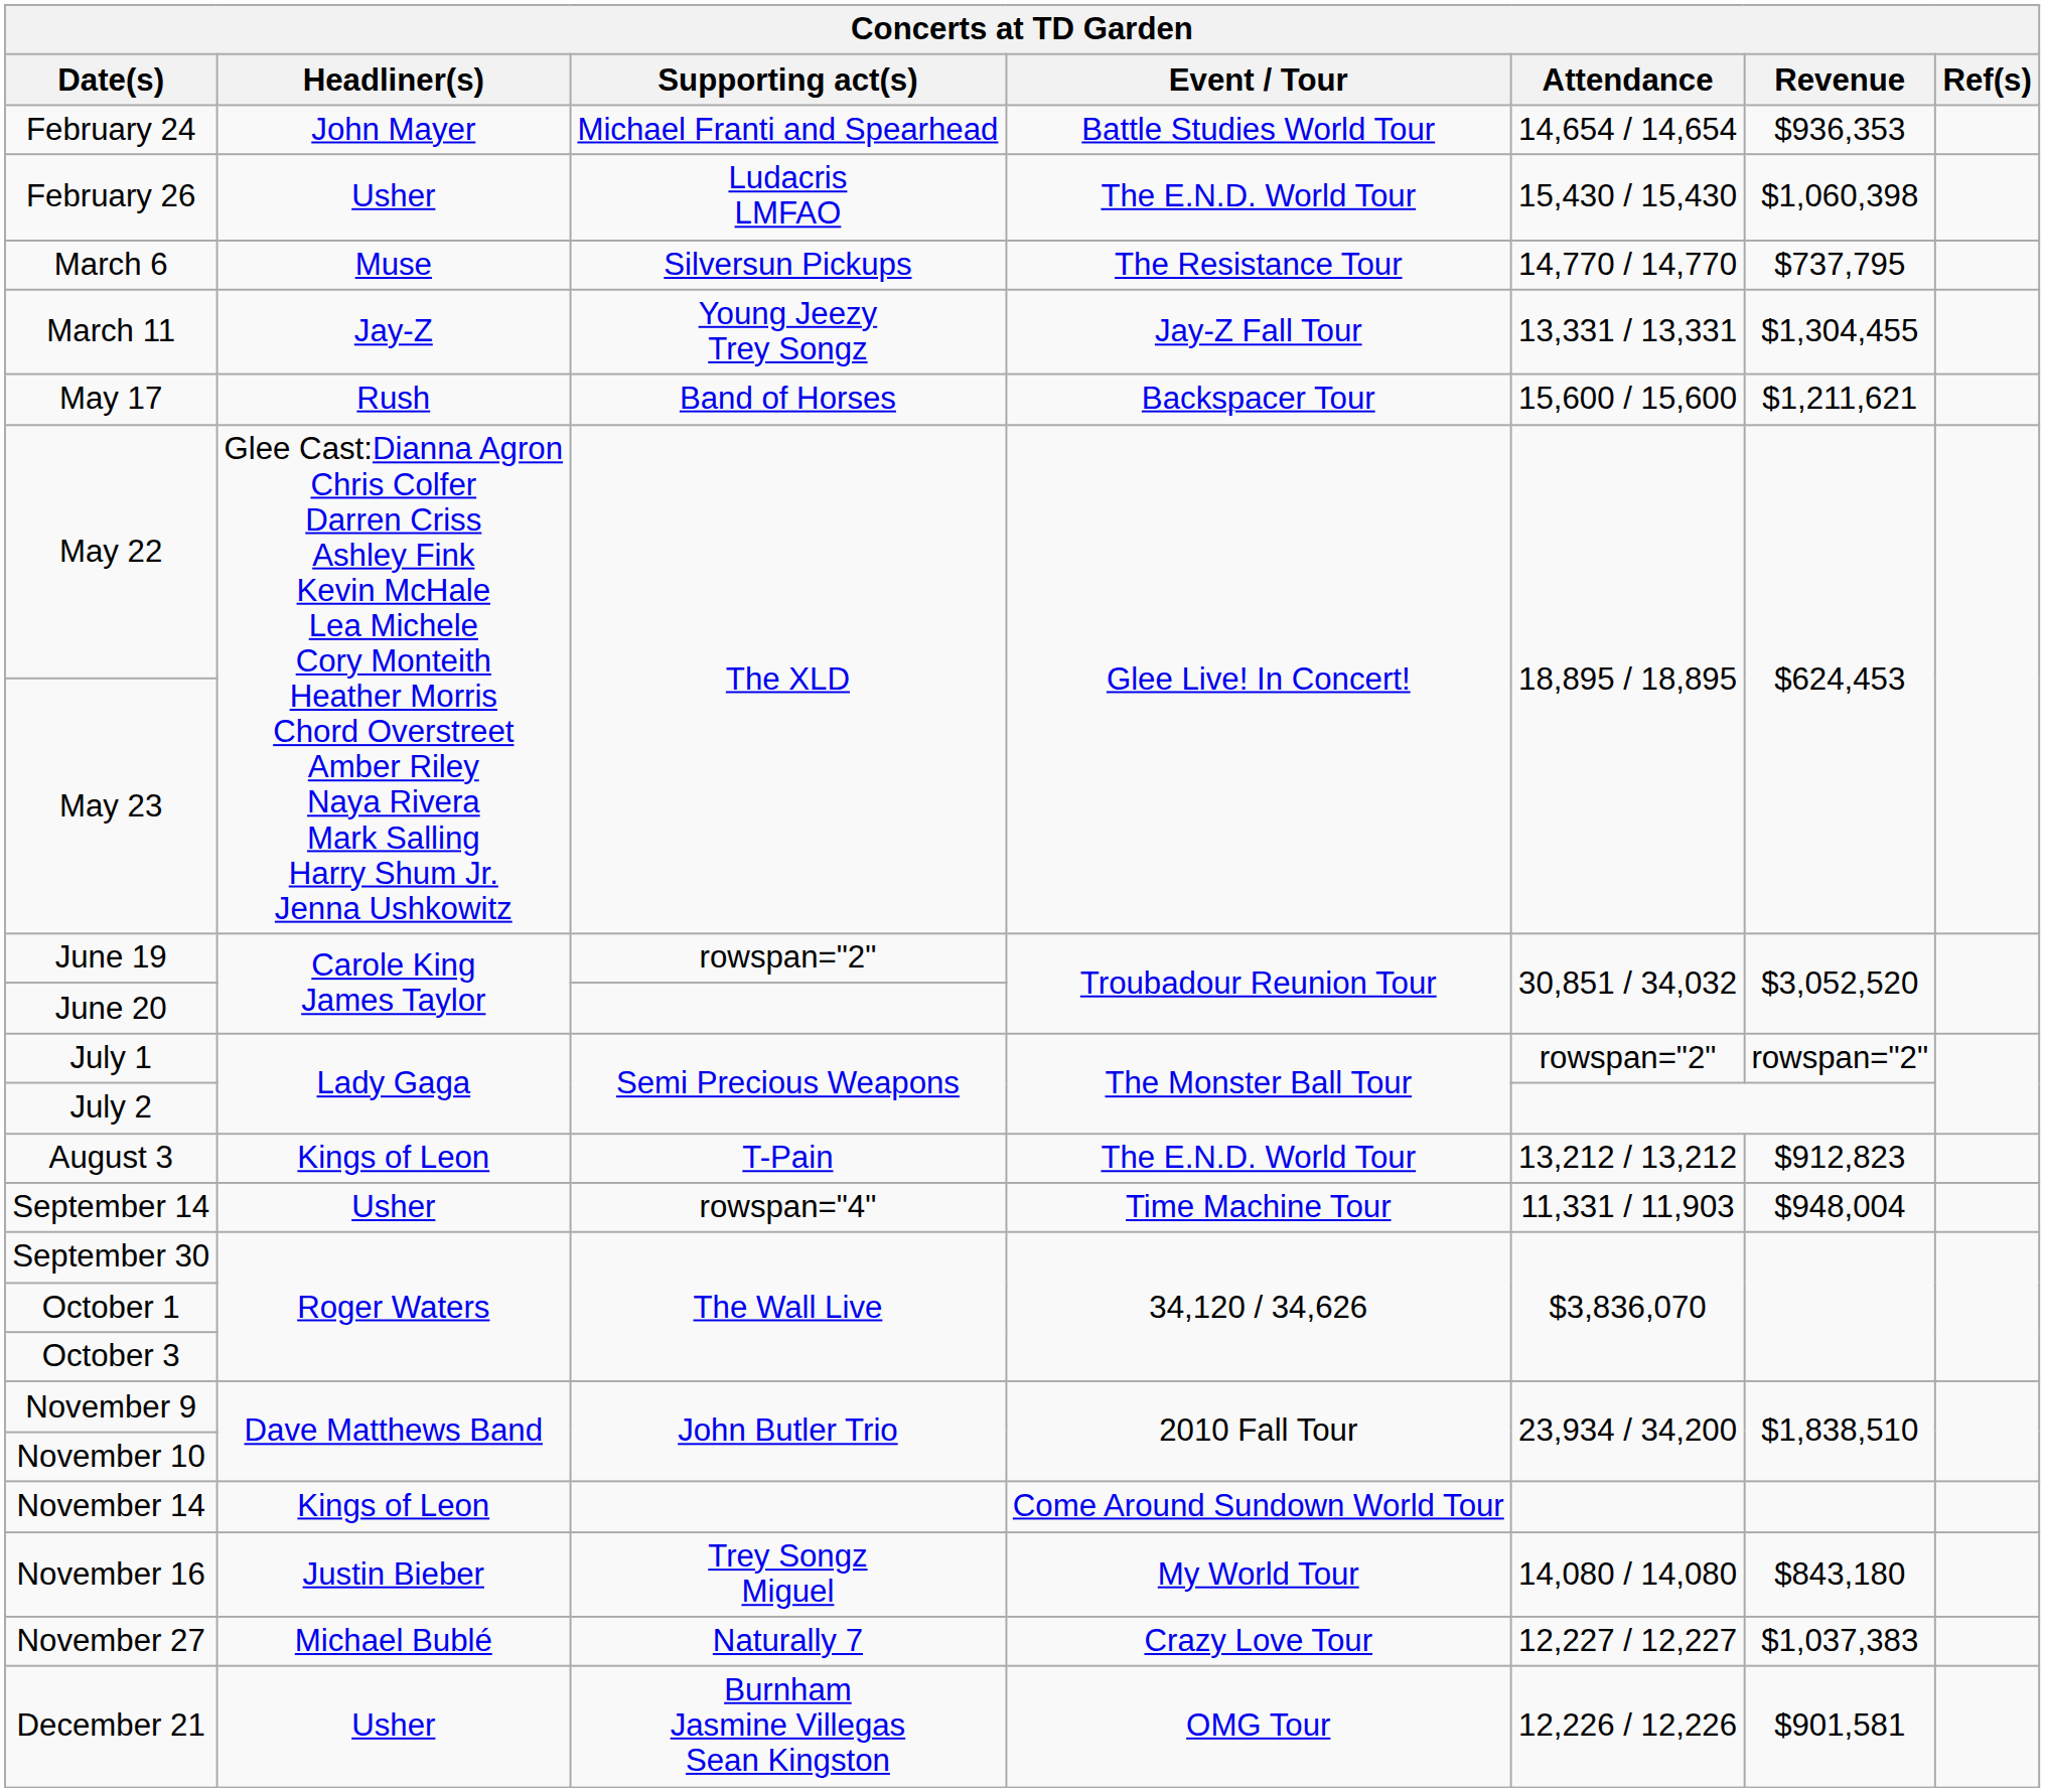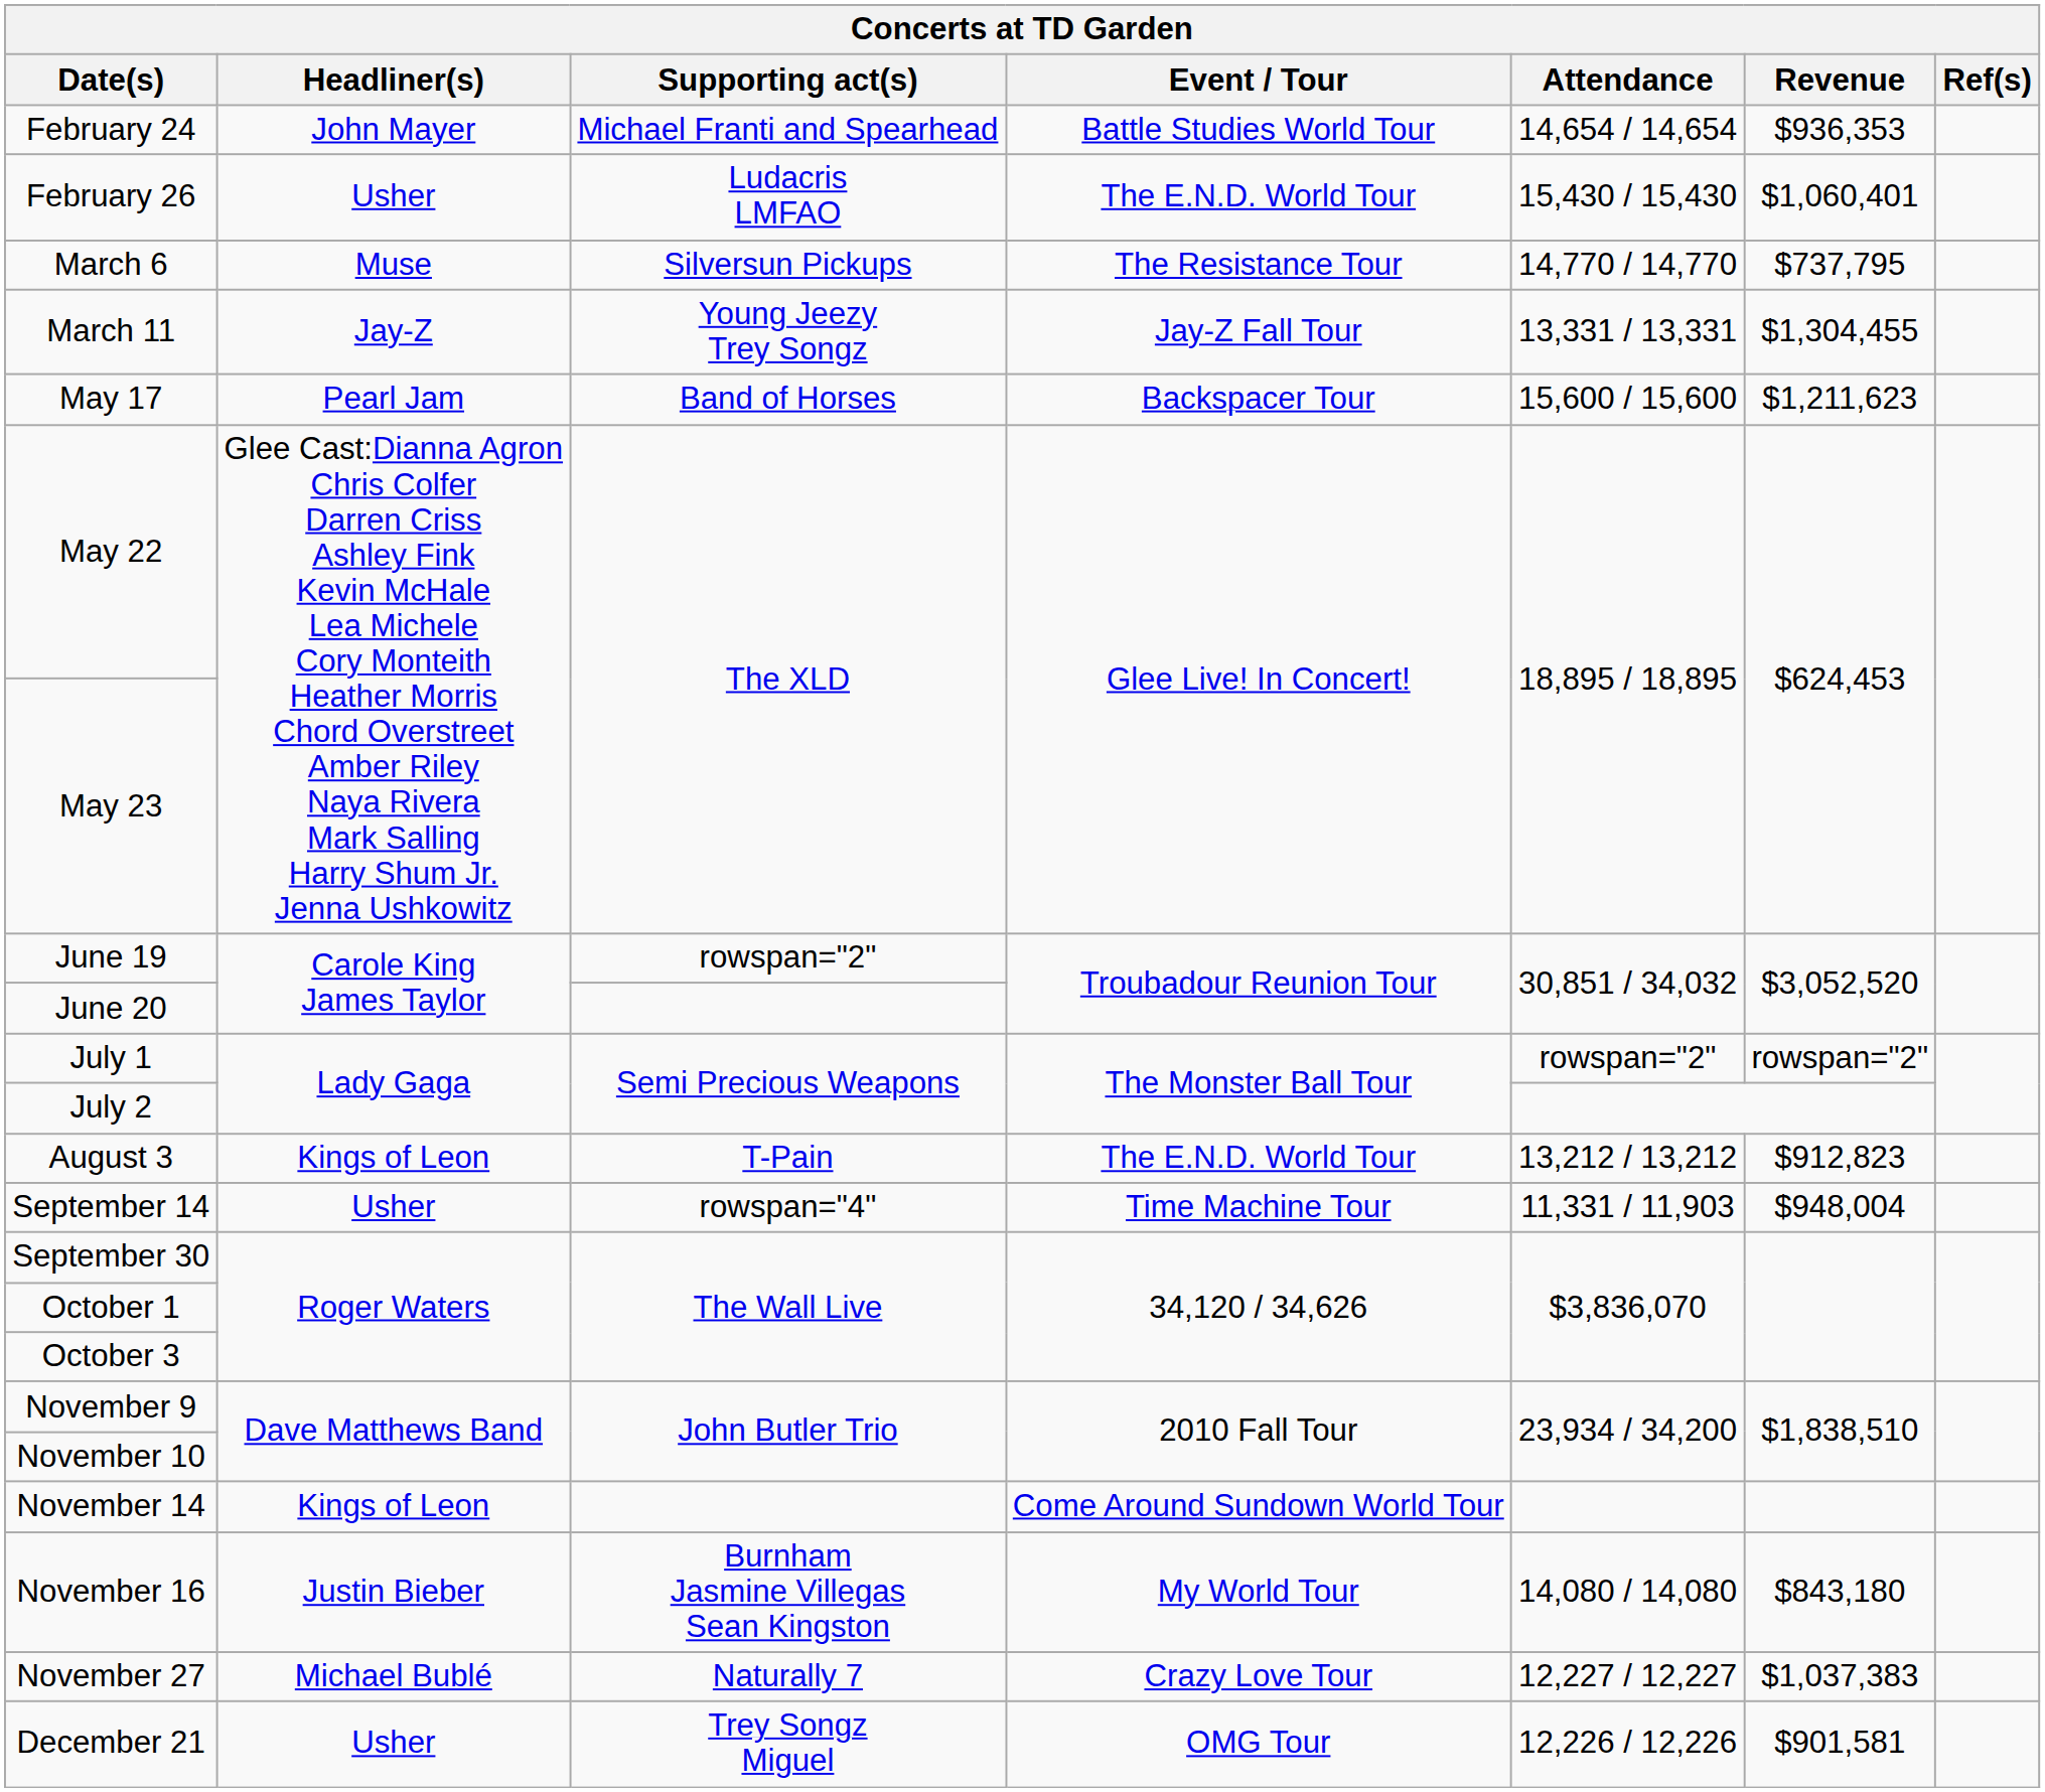 <table class="wikitable mw-collapsible mw-collapsed" style="text-align:center;">
 <tr>
 <th colspan="7">Concerts at TD Garden</th>
 </tr>
 <tr>
 <th>Date(s)</th>
 <th>Headliner(s)</th>
 <th>Supporting act(s)</th>
 <th>Event / Tour</th>
 <th>Attendance</th>
 <th>Revenue</th>
 <th>Ref(s)</th>
 </tr>
 <tr>
 <td>February 24</td>
 <td><a href='#'>John Mayer</a></td>
 <td><a href='#'>Michael Franti and Spearhead</a></td>
 <td><a href='#'>Battle Studies World Tour</a></td>
 <td>14,654 / 14,654</td>
 <td>$936,353</td>
 <td></td>
 </tr>
 <tr>
 <td>February 26</td>
 <td><a href='#'>Usher</a></td>
 <td><a href='#'>Ludacris</a><br><a href='#'>LMFAO</a></td>
 <td><a href='#'>The E.N.D. World Tour</a></td>
 <td>15,430 / 15,430</td>
-<td>$1,060,398</td>
+<td>$1,060,401</td>
 <td></td>
 </tr>
 <tr>
 <td>March 6</td>
 <td><a href='#'>Muse</a></td>
 <td><a href='#'>Silversun Pickups</a></td>
 <td><a href='#'>The Resistance Tour</a></td>
 <td>14,770 / 14,770</td>
 <td>$737,795</td>
 <td></td>
 </tr>
 <tr>
 <td>March 11</td>
 <td><a href='#'>Jay-Z</a></td>
 <td><a href='#'>Young Jeezy</a><br><a href='#'>Trey Songz</a></td>
 <td><a href='#'>Jay-Z Fall Tour</a></td>
 <td>13,331 / 13,331</td>
 <td>$1,304,455</td>
 <td></td>
 </tr>
 <tr>
 <td>May 17</td>
-<td><a href='#'>Rush</a></td>
+<td><a href='#'>Pearl Jam</a></td>
 <td><a href='#'>Band of Horses</a></td>
 <td><a href='#'>Backspacer Tour</a></td>
 <td>15,600 / 15,600</td>
-<td>$1,211,621</td>
+<td>$1,211,623</td>
 <td></td>
 </tr>
 <tr>
 <td>May 22</td>
 <td rowspan="2">Glee Cast:<a href='#'>Dianna Agron</a><br><a href='#'>Chris Colfer</a><br> <a href='#'>Darren Criss</a><br><a href='#'>Ashley Fink</a><br><a href='#'>Kevin McHale</a><br><a href='#'>Lea Michele</a><br><a href='#'>Cory Monteith</a><br><a href='#'>Heather Morris</a><br><a href='#'>Chord Overstreet</a><br><a href='#'>Amber Riley</a><br><a href='#'>Naya Rivera</a><br><a href='#'>Mark Salling</a><br><a href='#'>Harry Shum Jr.</a><br><a href='#'>Jenna Ushkowitz</a></td>
 <td rowspan="2"><a href='#'>The XLD</a></td>
 <td rowspan="2"><a href='#'>Glee Live! In Concert!</a></td>
 <td rowspan="2">18,895 / 18,895</td>
 <td rowspan="2">$624,453</td>
 <td rowspan="2"></td>
 </tr>
 <tr>
 <td>May 23</td>
 </tr>
 <tr>
 <td>June 19</td>
 <td rowspan="2"><a href='#'>Carole King</a><br><a href='#'>James Taylor</a></td>
 <td>rowspan="2" </td>
 <td rowspan="2"><a href='#'>Troubadour Reunion Tour</a></td>
 <td rowspan="2">30,851 / 34,032</td>
 <td rowspan="2">$3,052,520</td>
 <td rowspan="2"></td>
 </tr>
 <tr>
 <td>June 20</td>
 </tr>
 <tr>
 <td>July 1</td>
 <td rowspan="2"><a href='#'>Lady Gaga</a></td>
 <td rowspan="2"><a href='#'>Semi Precious Weapons</a></td>
 <td rowspan="2"><a href='#'>The Monster Ball Tour</a></td>
 <td>rowspan="2" </td>
 <td>rowspan="2" </td>
 <td rowspan="2"></td>
 </tr>
 <tr>
 <td>July 2</td>
 </tr>
 <tr>
 <td>August 3</td>
 <td><a href='#'>Kings of Leon</a></td>
 <td><a href='#'>T-Pain</a></td>
 <td><a href='#'>The E.N.D. World Tour</a></td>
 <td>13,212 / 13,212</td>
 <td>$912,823</td>
 <td></td>
 </tr>
 <tr>
 <td>September 14</td>
 <td><a href='#'>Usher</a></td>
 <td>rowspan="4" </td>
 <td><a href='#'>Time Machine Tour</a></td>
 <td>11,331 / 11,903</td>
 <td>$948,004</td>
 <td></td>
 </tr>
 <tr>
 <td>September 30</td>
 <td rowspan="3"><a href='#'>Roger Waters</a></td>
 <td rowspan="3"><a href='#'>The Wall Live</a></td>
 <td rowspan="3">34,120 / 34,626</td>
 <td rowspan="3">$3,836,070</td>
 <td rowspan="3"></td>
 </tr>
 <tr>
 <td>October 1</td>
 </tr>
 <tr>
 <td>October 3</td>
 </tr>
 <tr>
 <td>November 9</td>
 <td rowspan="2"><a href='#'>Dave Matthews Band</a></td>
 <td rowspan="2"><a href='#'>John Butler Trio</a></td>
 <td rowspan="2">2010 Fall Tour</td>
 <td rowspan="2">23,934 / 34,200</td>
 <td rowspan="2">$1,838,510</td>
 <td rowspan="2"></td>
 </tr>
 <tr>
 <td>November 10</td>
 </tr>
 <tr>
 <td>November 14</td>
 <td><a href='#'>Kings of Leon</a></td>
 <td></td>
 <td><a href='#'>Come Around Sundown World Tour</a></td>
 <td></td>
 <td></td>
 <td></td>
 </tr>
 <tr>
 <td>November 16</td>
 <td><a href='#'>Justin Bieber</a></td>
-<td><a href='#'>Trey Songz</a><br><a href='#'>Miguel</a></td>
+<td><a href='#'>Burnham</a><br><a href='#'>Jasmine Villegas</a><br><a href='#'>Sean Kingston</a></td>
 <td><a href='#'>My World Tour</a></td>
 <td>14,080 / 14,080</td>
 <td>$843,180</td>
 <td></td>
 </tr>
 <tr>
 <td>November 27</td>
 <td><a href='#'>Michael Bublé</a></td>
 <td><a href='#'>Naturally 7</a></td>
 <td><a href='#'>Crazy Love Tour</a></td>
 <td>12,227 / 12,227</td>
 <td>$1,037,383</td>
 <td></td>
 </tr>
 <tr>
 <td>December 21</td>
 <td><a href='#'>Usher</a></td>
-<td><a href='#'>Burnham</a><br><a href='#'>Jasmine Villegas</a><br><a href='#'>Sean Kingston</a></td>
+<td><a href='#'>Trey Songz</a><br><a href='#'>Miguel</a></td>
 <td><a href='#'>OMG Tour</a></td>
 <td>12,226 / 12,226</td>
 <td>$901,581</td>
 <td></td>
 </tr>
 </table>
